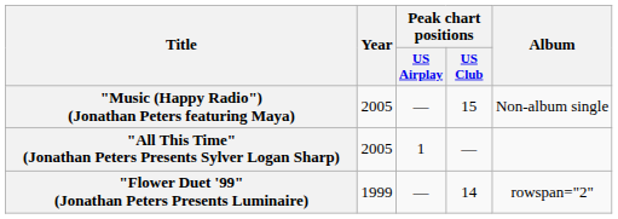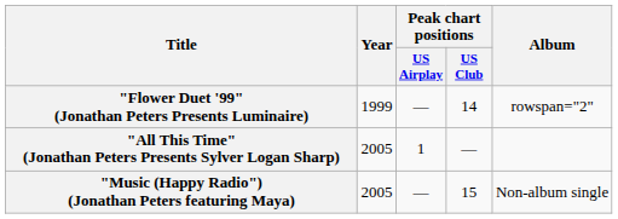 <table class="wikitable plainrowheaders" style="text-align:center;">
 <tr>
 <th scope="col" rowspan="2" style="width:22em;">Title</th>
 <th scope="col" rowspan="2" style="width:1em;">Year</th>
 <th scope="col" colspan="2">Peak chart positions</th>
 <th scope="col" rowspan="2">Album</th>
 </tr>
 <tr>
 <th scope="col" style="width:3em;font-size:85%;"><a href='#'>US Airplay</a><br></th>
 <th scope="col" style="width:3em;font-size:85%;"><a href='#'>US<br>Club</a><br></th>
 </tr>
 <tr>
-<th scope="row">"Music (Happy Radio")<br><span>(Jonathan Peters featuring Maya)</span></th>
-<td>2005</td>
+<th scope="row">"Flower Duet '99"<br><span>(Jonathan Peters Presents Luminaire)</span></th>
+<td>1999</td>
 <td>—</td>
-<td>15</td>
-<td>Non-album single</td>
+<td>14</td>
+<td>rowspan="2" </td>
 </tr>
 <tr>
 <th scope="row">"All This Time"<br><span>(Jonathan Peters Presents Sylver Logan Sharp)</span></th>
 <td>2005</td>
 <td>1</td>
 <td>—</td>
 </tr>
 <tr>
-<th scope="row">"Flower Duet '99"<br><span>(Jonathan Peters Presents Luminaire)</span></th>
-<td>1999</td>
+<th scope="row">"Music (Happy Radio")<br><span>(Jonathan Peters featuring Maya)</span></th>
+<td>2005</td>
 <td>—</td>
-<td>14</td>
-<td>rowspan="2" </td>
+<td>15</td>
+<td>Non-album single</td>
 </tr>
 </table>
